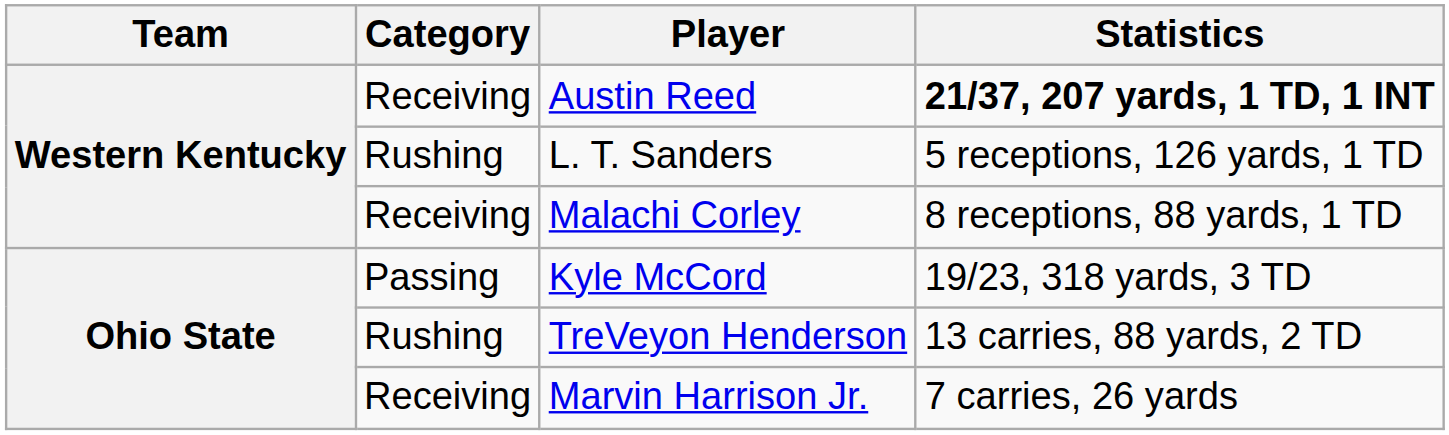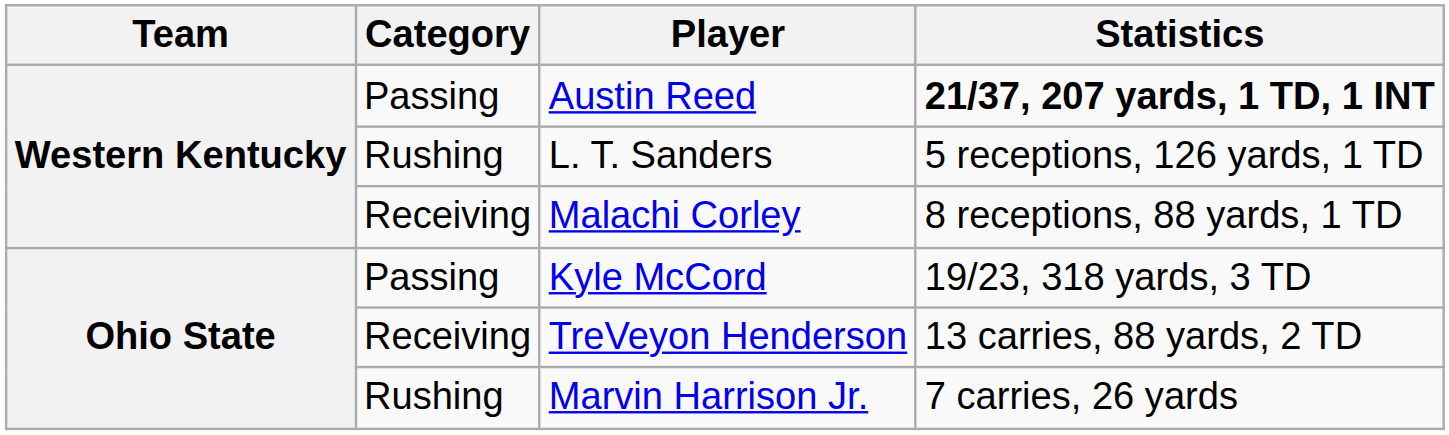 <table class="wikitable" style="float:right">
 <tr>
 <th>Team</th>
 <th>Category</th>
 <th>Player</th>
 <th>Statistics</th>
 </tr>
 <tr>
 <th rowspan=3>Western Kentucky</th>
-<td>Receiving</td>
+<td>Passing</td>
 <td><a href='#'>Austin Reed</a></td>
 <td><strong>21/37, 207 yards, 1 TD, 1 INT</strong></td>
 </tr>
 <tr>
 <td>Rushing</td>
 <td>L. T. Sanders</td>
 <td>5 receptions, 126 yards, 1 TD</td>
 </tr>
 <tr>
 <td>Receiving</td>
 <td><a href='#'>Malachi Corley</a></td>
 <td>8 receptions, 88 yards, 1 TD</td>
 </tr>
 <tr>
 <th rowspan=3>Ohio State</th>
 <td>Passing</td>
 <td><a href='#'>Kyle McCord</a></td>
 <td>19/23, 318 yards, 3 TD</td>
 </tr>
 <tr>
-<td>Rushing</td>
+<td>Receiving</td>
 <td><a href='#'>TreVeyon Henderson</a></td>
 <td>13 carries, 88 yards, 2 TD</td>
 </tr>
 <tr>
-<td>Receiving</td>
+<td>Rushing</td>
 <td><a href='#'>Marvin Harrison Jr.</a></td>
 <td>7 carries, 26 yards</td>
 </tr>
 </table>
